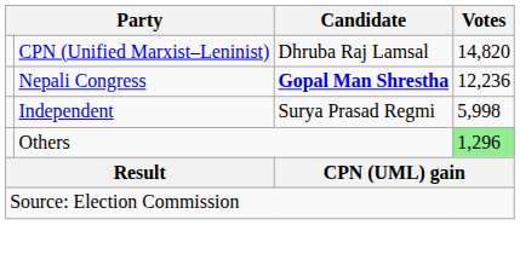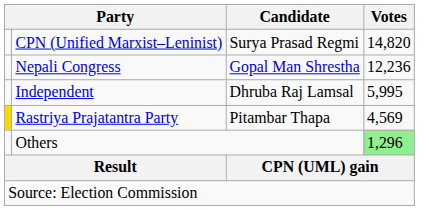 <table class="wikitable">
 <tr>
 <th colspan="2">Party</th>
 <th>Candidate</th>
 <th>Votes</th>
 </tr>
 <tr>
 <td style="background-color:"></td>
 <td><a href='#'>CPN (Unified Marxist–Leninist)</a></td>
-<td>Dhruba Raj Lamsal</td>
+<td>Surya Prasad Regmi</td>
 <td>14,820</td>
 </tr>
 <tr>
 <td style="background-color:"></td>
 <td><a href='#'>Nepali Congress</a></td>
-<td><strong><a href='#'>Gopal Man Shrestha</a></strong></td>
+<td><a href='#'>Gopal Man Shrestha</a></td>
 <td>12,236</td>
 </tr>
 <tr>
 <td style="background-color:"></td>
 <td><a href='#'>Independent</a></td>
-<td>Surya Prasad Regmi</td>
-<td>5,998</td>
+<td>Dhruba Raj Lamsal</td>
+<td>5,995</td>
+</tr>
+<tr>
+<td style="background-color:gold"></td>
+<td><a href='#'>Rastriya Prajatantra Party</a></td>
+<td>Pitambar Thapa</td>
+<td>4,569</td>
 </tr>
 <tr>
 <td></td>
 <td colspan="2">Others</td>
 <td style="background: lightgreen;">1,296</td>
 </tr>
 <tr>
 <th colspan="2">Result</th>
 <th colspan="2">CPN (UML) gain</th>
 </tr>
 <tr>
 <td colspan="4">Source: Election Commission</td>
 </tr>
 </table>
